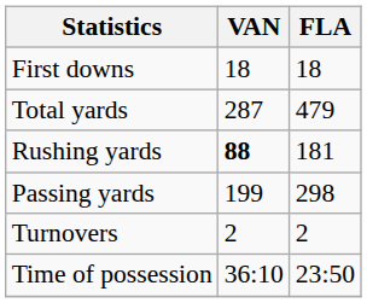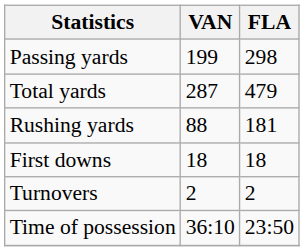 <table class="wikitable" style="float: left;">
 <tr>
 <th>Statistics</th>
 <th>VAN</th>
 <th>FLA</th>
 </tr>
 <tr>
-<td>First downs</td>
-<td>18</td>
-<td>18</td>
+<td>Passing yards</td>
+<td>199</td>
+<td>298</td>
 </tr>
 <tr>
 <td>Total yards</td>
 <td>287</td>
 <td>479</td>
 </tr>
 <tr>
 <td>Rushing yards</td>
-<td><strong>88</strong></td>
+<td>88</td>
 <td>181</td>
 </tr>
 <tr>
-<td>Passing yards</td>
-<td>199</td>
-<td>298</td>
+<td>First downs</td>
+<td>18</td>
+<td>18</td>
 </tr>
 <tr>
 <td>Turnovers</td>
 <td>2</td>
 <td>2</td>
 </tr>
 <tr>
 <td>Time of possession</td>
 <td>36:10</td>
 <td>23:50</td>
 </tr>
 <tr>
 </tr>
 </table>
